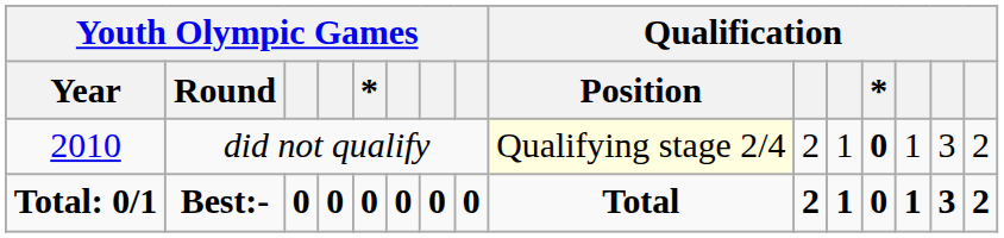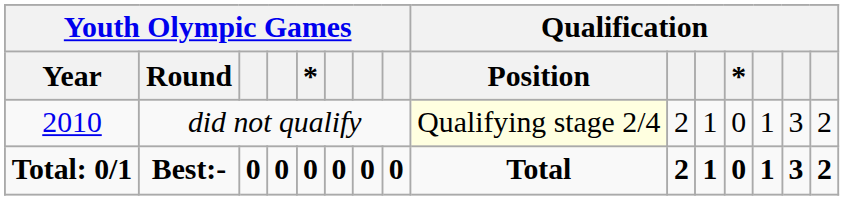 <table class="wikitable" style="text-align: center;">
 <tr>
 <th colspan=8><a href='#'>Youth Olympic Games</a></th>
 <th colspan=7>Qualification</th>
 </tr>
 <tr>
 <th>Year</th>
 <th>Round</th>
 <th></th>
 <th></th>
 <th> *</th>
 <th></th>
 <th></th>
 <th></th>
 <th>Position</th>
 <th></th>
 <th></th>
 <th> *</th>
 <th></th>
 <th></th>
 <th></th>
 </tr>
 <tr>
 <td><a href='#'>2010</a></td>
 <td colspan=7 rowspan=1><em>did not qualify</em></td>
 <td style="background: lightyellow;">Qualifying stage 2/4</td>
 <td>2</td>
 <td>1</td>
-<td><strong>0</strong></td>
+<td>0</td>
 <td>1</td>
 <td>3</td>
 <td>2</td>
 </tr>
 <tr>
 <td><strong>Total:</strong> <strong>0/1</strong></td>
 <td><strong>Best:-</strong></td>
 <td><strong>0</strong></td>
 <td><strong>0</strong></td>
 <td><strong>0</strong></td>
 <td><strong>0</strong></td>
 <td><strong>0</strong></td>
 <td><strong>0</strong></td>
 <td><strong>Total</strong></td>
 <td><strong>2</strong></td>
 <td><strong>1</strong></td>
 <td><strong>0</strong></td>
 <td><strong>1</strong></td>
 <td><strong>3</strong></td>
 <td><strong>2</strong></td>
 </tr>
 </table>
